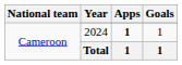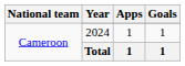 <table class="wikitable" style="text-align:center">
 <tr>
 <th>National team</th>
 <th>Year</th>
 <th>Apps</th>
 <th>Goals</th>
 </tr>
 <tr>
 <td rowspan="4"><a href='#'>Cameroon</a></td>
 </tr>
 <tr>
 <td>2024</td>
-<td><strong>1</strong></td>
+<td>1</td>
 <td>1</td>
 </tr>
 <tr>
 <th>Total</th>
 <th>1</th>
 <th>1</th>
 </tr>
 </table>
